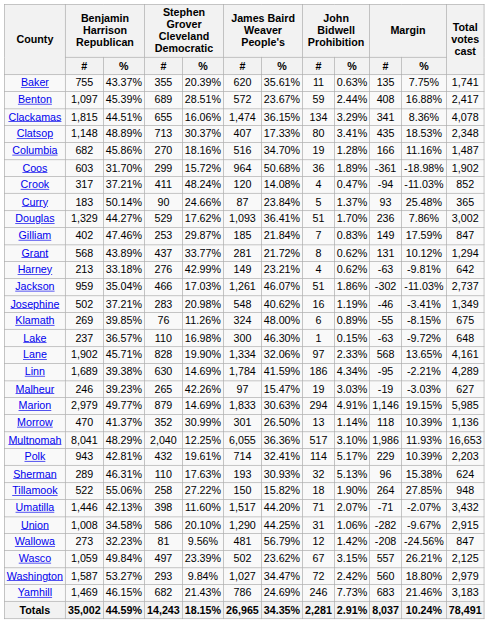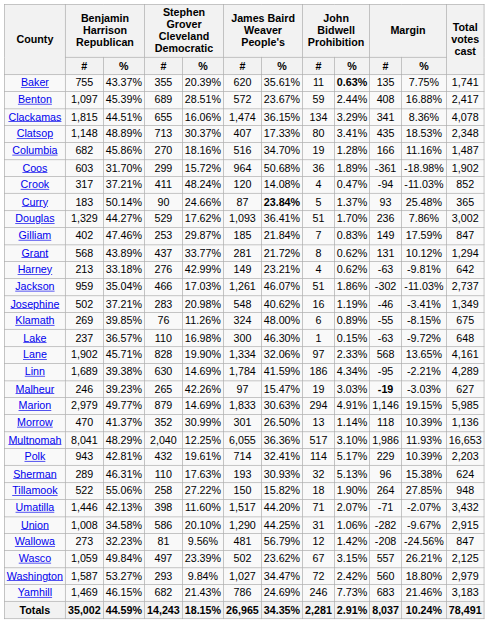 <table width="65%" class="wikitable sortable">
 <tr>
 <th style="text-align:center;" rowspan="2">County</th>
 <th style="text-align:center;" colspan="2">Benjamin Harrison<br>Republican</th>
 <th style="text-align:center;" colspan="2">Stephen Grover Cleveland<br>Democratic</th>
 <th style="text-align:center;" colspan="2">James Baird Weaver<br>People's</th>
 <th style="text-align:center;" colspan="2">John Bidwell<br>Prohibition</th>
 <th style="text-align:center;" colspan="2">Margin</th>
 <th style="text-align:center;" rowspan="2">Total votes cast</th>
 </tr>
 <tr>
 <th style="text-align:center;" data-sort-type="number">#</th>
 <th style="text-align:center;" data-sort-type="number">%</th>
 <th style="text-align:center;" data-sort-type="number">#</th>
 <th style="text-align:center;" data-sort-type="number">%</th>
 <th style="text-align:center;" data-sort-type="number">#</th>
 <th style="text-align:center;" data-sort-type="number">%</th>
 <th style="text-align:center;" data-sort-type="number">#</th>
 <th style="text-align:center;" data-sort-type="number">%</th>
 <th style="text-align:center;" data-sort-type="number">#</th>
 <th style="text-align:center;" data-sort-type="number">%</th>
 </tr>
 <tr style="text-align:center;">
 <td><a href='#'>Baker</a></td>
 <td>755</td>
 <td>43.37%</td>
 <td>355</td>
 <td>20.39%</td>
 <td>620</td>
 <td>35.61%</td>
 <td>11</td>
-<td>0.63%</td>
+<td><strong>0.63%</strong></td>
 <td>135</td>
 <td>7.75%</td>
 <td>1,741</td>
 </tr>
 <tr style="text-align:center;">
 <td><a href='#'>Benton</a></td>
 <td>1,097</td>
 <td>45.39%</td>
 <td>689</td>
 <td>28.51%</td>
 <td>572</td>
 <td>23.67%</td>
 <td>59</td>
 <td>2.44%</td>
 <td>408</td>
 <td>16.88%</td>
 <td>2,417</td>
 </tr>
 <tr style="text-align:center;">
 <td><a href='#'>Clackamas</a></td>
 <td>1,815</td>
 <td>44.51%</td>
 <td>655</td>
 <td>16.06%</td>
 <td>1,474</td>
 <td>36.15%</td>
 <td>134</td>
 <td>3.29%</td>
 <td>341</td>
 <td>8.36%</td>
 <td>4,078</td>
 </tr>
 <tr style="text-align:center;">
 <td><a href='#'>Clatsop</a></td>
 <td>1,148</td>
 <td>48.89%</td>
 <td>713</td>
 <td>30.37%</td>
 <td>407</td>
 <td>17.33%</td>
 <td>80</td>
 <td>3.41%</td>
 <td>435</td>
 <td>18.53%</td>
 <td>2,348</td>
 </tr>
 <tr style="text-align:center;">
 <td><a href='#'>Columbia</a></td>
 <td>682</td>
 <td>45.86%</td>
 <td>270</td>
 <td>18.16%</td>
 <td>516</td>
 <td>34.70%</td>
 <td>19</td>
 <td>1.28%</td>
 <td>166</td>
 <td>11.16%</td>
 <td>1,487</td>
 </tr>
 <tr style="text-align:center;">
 <td><a href='#'>Coos</a></td>
 <td>603</td>
 <td>31.70%</td>
 <td>299</td>
 <td>15.72%</td>
 <td>964</td>
 <td>50.68%</td>
 <td>36</td>
 <td>1.89%</td>
 <td>-361</td>
 <td>-18.98%</td>
 <td>1,902</td>
 </tr>
 <tr style="text-align:center;">
 <td><a href='#'>Crook</a></td>
 <td>317</td>
 <td>37.21%</td>
 <td>411</td>
 <td>48.24%</td>
 <td>120</td>
 <td>14.08%</td>
 <td>4</td>
 <td>0.47%</td>
 <td>-94</td>
 <td>-11.03%</td>
 <td>852</td>
 </tr>
 <tr style="text-align:center;">
 <td><a href='#'>Curry</a></td>
 <td>183</td>
 <td>50.14%</td>
 <td>90</td>
 <td>24.66%</td>
 <td>87</td>
-<td>23.84%</td>
+<td><strong>23.84%</strong></td>
 <td>5</td>
 <td>1.37%</td>
 <td>93</td>
 <td>25.48%</td>
 <td>365</td>
 </tr>
 <tr style="text-align:center;">
 <td><a href='#'>Douglas</a></td>
 <td>1,329</td>
 <td>44.27%</td>
 <td>529</td>
 <td>17.62%</td>
 <td>1,093</td>
 <td>36.41%</td>
 <td>51</td>
 <td>1.70%</td>
 <td>236</td>
 <td>7.86%</td>
 <td>3,002</td>
 </tr>
 <tr style="text-align:center;">
 <td><a href='#'>Gilliam</a></td>
 <td>402</td>
 <td>47.46%</td>
 <td>253</td>
 <td>29.87%</td>
 <td>185</td>
 <td>21.84%</td>
 <td>7</td>
 <td>0.83%</td>
 <td>149</td>
 <td>17.59%</td>
 <td>847</td>
 </tr>
 <tr style="text-align:center;">
 <td><a href='#'>Grant</a></td>
 <td>568</td>
 <td>43.89%</td>
 <td>437</td>
 <td>33.77%</td>
 <td>281</td>
 <td>21.72%</td>
 <td>8</td>
 <td>0.62%</td>
 <td>131</td>
 <td>10.12%</td>
 <td>1,294</td>
 </tr>
 <tr style="text-align:center;">
 <td><a href='#'>Harney</a></td>
 <td>213</td>
 <td>33.18%</td>
 <td>276</td>
 <td>42.99%</td>
 <td>149</td>
 <td>23.21%</td>
 <td>4</td>
 <td>0.62%</td>
 <td>-63</td>
 <td>-9.81%</td>
 <td>642</td>
 </tr>
 <tr style="text-align:center;">
 <td><a href='#'>Jackson</a></td>
 <td>959</td>
 <td>35.04%</td>
 <td>466</td>
 <td>17.03%</td>
 <td>1,261</td>
 <td>46.07%</td>
 <td>51</td>
 <td>1.86%</td>
 <td>-302</td>
 <td>-11.03%</td>
 <td>2,737</td>
 </tr>
 <tr style="text-align:center;">
 <td><a href='#'>Josephine</a></td>
 <td>502</td>
 <td>37.21%</td>
 <td>283</td>
 <td>20.98%</td>
 <td>548</td>
 <td>40.62%</td>
 <td>16</td>
 <td>1.19%</td>
 <td>-46</td>
 <td>-3.41%</td>
 <td>1,349</td>
 </tr>
 <tr style="text-align:center;">
 <td><a href='#'>Klamath</a></td>
 <td>269</td>
 <td>39.85%</td>
 <td>76</td>
 <td>11.26%</td>
 <td>324</td>
 <td>48.00%</td>
 <td>6</td>
 <td>0.89%</td>
 <td>-55</td>
 <td>-8.15%</td>
 <td>675</td>
 </tr>
 <tr style="text-align:center;">
 <td><a href='#'>Lake</a></td>
 <td>237</td>
 <td>36.57%</td>
 <td>110</td>
 <td>16.98%</td>
 <td>300</td>
 <td>46.30%</td>
 <td>1</td>
 <td>0.15%</td>
 <td>-63</td>
 <td>-9.72%</td>
 <td>648</td>
 </tr>
 <tr style="text-align:center;">
 <td><a href='#'>Lane</a></td>
 <td>1,902</td>
 <td>45.71%</td>
 <td>828</td>
 <td>19.90%</td>
 <td>1,334</td>
 <td>32.06%</td>
 <td>97</td>
 <td>2.33%</td>
 <td>568</td>
 <td>13.65%</td>
 <td>4,161</td>
 </tr>
 <tr style="text-align:center;">
 <td><a href='#'>Linn</a></td>
 <td>1,689</td>
 <td>39.38%</td>
 <td>630</td>
 <td>14.69%</td>
 <td>1,784</td>
 <td>41.59%</td>
 <td>186</td>
 <td>4.34%</td>
 <td>-95</td>
 <td>-2.21%</td>
 <td>4,289</td>
 </tr>
 <tr style="text-align:center;">
 <td><a href='#'>Malheur</a></td>
 <td>246</td>
 <td>39.23%</td>
 <td>265</td>
 <td>42.26%</td>
 <td>97</td>
 <td>15.47%</td>
 <td>19</td>
 <td>3.03%</td>
-<td>-19</td>
+<td><strong>-19</strong></td>
 <td>-3.03%</td>
 <td>627</td>
 </tr>
 <tr style="text-align:center;">
 <td><a href='#'>Marion</a></td>
 <td>2,979</td>
 <td>49.77%</td>
 <td>879</td>
 <td>14.69%</td>
 <td>1,833</td>
 <td>30.63%</td>
 <td>294</td>
 <td>4.91%</td>
 <td>1,146</td>
 <td>19.15%</td>
 <td>5,985</td>
 </tr>
 <tr style="text-align:center;">
 <td><a href='#'>Morrow</a></td>
 <td>470</td>
 <td>41.37%</td>
 <td>352</td>
 <td>30.99%</td>
 <td>301</td>
 <td>26.50%</td>
 <td>13</td>
 <td>1.14%</td>
 <td>118</td>
 <td>10.39%</td>
 <td>1,136</td>
 </tr>
 <tr style="text-align:center;">
 <td><a href='#'>Multnomah</a></td>
 <td>8,041</td>
 <td>48.29%</td>
 <td>2,040</td>
 <td>12.25%</td>
 <td>6,055</td>
 <td>36.36%</td>
 <td>517</td>
 <td>3.10%</td>
 <td>1,986</td>
 <td>11.93%</td>
 <td>16,653</td>
 </tr>
 <tr style="text-align:center;">
 <td><a href='#'>Polk</a></td>
 <td>943</td>
 <td>42.81%</td>
 <td>432</td>
 <td>19.61%</td>
 <td>714</td>
 <td>32.41%</td>
 <td>114</td>
 <td>5.17%</td>
 <td>229</td>
 <td>10.39%</td>
 <td>2,203</td>
 </tr>
 <tr style="text-align:center;">
 <td><a href='#'>Sherman</a></td>
 <td>289</td>
 <td>46.31%</td>
 <td>110</td>
 <td>17.63%</td>
 <td>193</td>
 <td>30.93%</td>
 <td>32</td>
 <td>5.13%</td>
 <td>96</td>
 <td>15.38%</td>
 <td>624</td>
 </tr>
 <tr style="text-align:center;">
 <td><a href='#'>Tillamook</a></td>
 <td>522</td>
 <td>55.06%</td>
 <td>258</td>
 <td>27.22%</td>
 <td>150</td>
 <td>15.82%</td>
 <td>18</td>
 <td>1.90%</td>
 <td>264</td>
 <td>27.85%</td>
 <td>948</td>
 </tr>
 <tr style="text-align:center;">
 <td><a href='#'>Umatilla</a></td>
 <td>1,446</td>
 <td>42.13%</td>
 <td>398</td>
 <td>11.60%</td>
 <td>1,517</td>
 <td>44.20%</td>
 <td>71</td>
 <td>2.07%</td>
 <td>-71</td>
 <td>-2.07%</td>
 <td>3,432</td>
 </tr>
 <tr style="text-align:center;">
 <td><a href='#'>Union</a></td>
 <td>1,008</td>
 <td>34.58%</td>
 <td>586</td>
 <td>20.10%</td>
 <td>1,290</td>
 <td>44.25%</td>
 <td>31</td>
 <td>1.06%</td>
 <td>-282</td>
 <td>-9.67%</td>
 <td>2,915</td>
 </tr>
 <tr style="text-align:center;">
 <td><a href='#'>Wallowa</a></td>
 <td>273</td>
 <td>32.23%</td>
 <td>81</td>
 <td>9.56%</td>
 <td>481</td>
 <td>56.79%</td>
 <td>12</td>
 <td>1.42%</td>
 <td>-208</td>
 <td>-24.56%</td>
 <td>847</td>
 </tr>
 <tr style="text-align:center;">
 <td><a href='#'>Wasco</a></td>
 <td>1,059</td>
 <td>49.84%</td>
 <td>497</td>
 <td>23.39%</td>
 <td>502</td>
 <td>23.62%</td>
 <td>67</td>
 <td>3.15%</td>
 <td>557</td>
 <td>26.21%</td>
 <td>2,125</td>
 </tr>
 <tr style="text-align:center;">
 <td><a href='#'>Washington</a></td>
 <td>1,587</td>
 <td>53.27%</td>
 <td>293</td>
 <td>9.84%</td>
 <td>1,027</td>
 <td>34.47%</td>
 <td>72</td>
 <td>2.42%</td>
 <td>560</td>
 <td>18.80%</td>
 <td>2,979</td>
 </tr>
 <tr style="text-align:center;">
 <td><a href='#'>Yamhill</a></td>
 <td>1,469</td>
 <td>46.15%</td>
 <td>682</td>
 <td>21.43%</td>
 <td>786</td>
 <td>24.69%</td>
 <td>246</td>
 <td>7.73%</td>
 <td>683</td>
 <td>21.46%</td>
 <td>3,183</td>
 </tr>
 <tr style="text-align:center;">
 <th>Totals</th>
 <th>35,002</th>
 <th>44.59%</th>
 <th>14,243</th>
 <th>18.15%</th>
 <th>26,965</th>
 <th>34.35%</th>
 <th>2,281</th>
 <th>2.91%</th>
 <th>8,037</th>
 <th>10.24%</th>
 <th>78,491</th>
 </tr>
 </table>
